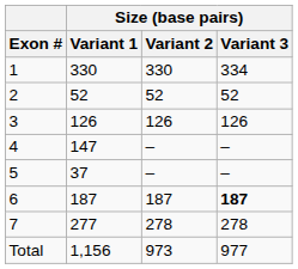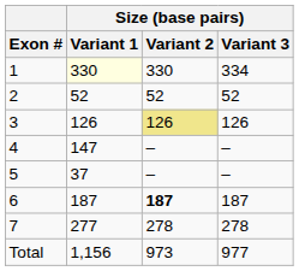 <table class="wikitable">
 <tr>
 <th></th>
 <th colspan="3">Size (base pairs)</th>
 </tr>
 <tr>
 <th>Exon #</th>
 <th>Variant 1</th>
 <th>Variant 2</th>
 <th>Variant 3</th>
 </tr>
 <tr>
 <td>1</td>
-<td>330</td>
+<td style="background: lightyellow;">330</td>
 <td>330</td>
 <td>334</td>
 </tr>
 <tr>
 <td>2</td>
 <td>52</td>
 <td>52</td>
 <td>52</td>
 </tr>
 <tr>
 <td>3</td>
 <td>126</td>
-<td>126</td>
+<td style="background: khaki;">126</td>
 <td>126</td>
 </tr>
 <tr>
 <td>4</td>
 <td>147</td>
 <td>–</td>
 <td>–</td>
 </tr>
 <tr>
 <td>5</td>
 <td>37</td>
 <td>–</td>
 <td>–</td>
 </tr>
 <tr>
 <td>6</td>
 <td>187</td>
+<td><strong>187</strong></td>
 <td>187</td>
-<td><strong>187</strong></td>
 </tr>
 <tr>
 <td>7</td>
 <td>277</td>
 <td>278</td>
 <td>278</td>
 </tr>
 <tr>
 <td>Total</td>
 <td>1,156</td>
 <td>973</td>
 <td>977</td>
 </tr>
 </table>
